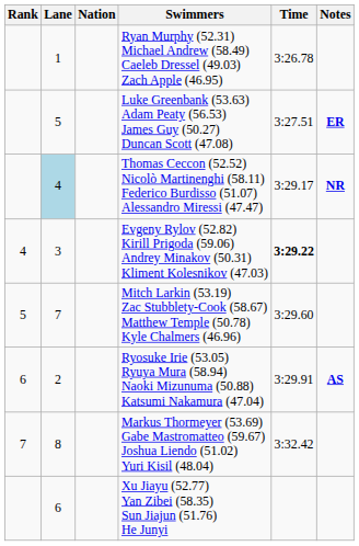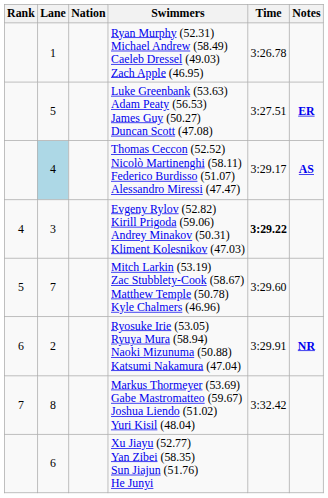 <table class="wikitable sortable" style="text-align:center">
 <tr>
 <th>Rank</th>
 <th>Lane</th>
 <th>Nation</th>
 <th>Swimmers</th>
 <th>Time</th>
 <th>Notes</th>
 </tr>
 <tr>
 <td></td>
 <td>1</td>
 <td align=left></td>
 <td align=left><a href='#'>Ryan Murphy</a> (52.31)<br><a href='#'>Michael Andrew</a> (58.49)<br><a href='#'>Caeleb Dressel</a> (49.03)<br><a href='#'>Zach Apple</a> (46.95)</td>
 <td>3:26.78</td>
 <td></td>
 </tr>
 <tr>
 <td></td>
 <td>5</td>
 <td align=left></td>
 <td align=left><a href='#'>Luke Greenbank</a> (53.63)<br><a href='#'>Adam Peaty</a> (56.53)<br><a href='#'>James Guy</a> (50.27)<br><a href='#'>Duncan Scott</a> (47.08)</td>
 <td>3:27.51</td>
 <td><strong><a href='#'>ER</a></strong></td>
 </tr>
 <tr>
 <td></td>
 <td style="background: lightblue;">4</td>
 <td align=left></td>
 <td align=left><a href='#'>Thomas Ceccon</a> (52.52)<br><a href='#'>Nicolò Martinenghi</a> (58.11)<br><a href='#'>Federico Burdisso</a> (51.07)<br><a href='#'>Alessandro Miressi</a> (47.47)</td>
 <td>3:29.17</td>
-<td><strong><a href='#'>NR</a></strong></td>
+<td><strong><a href='#'>AS</a></strong></td>
 </tr>
 <tr>
 <td>4</td>
 <td>3</td>
 <td align=left></td>
 <td align=left><a href='#'>Evgeny Rylov</a> (52.82)<br><a href='#'>Kirill Prigoda</a> (59.06)<br><a href='#'>Andrey Minakov</a> (50.31)<br><a href='#'>Kliment Kolesnikov</a> (47.03)</td>
 <td><strong>3:29.22</strong></td>
 <td></td>
 </tr>
 <tr>
 <td>5</td>
 <td>7</td>
 <td align=left></td>
 <td align=left><a href='#'>Mitch Larkin</a> (53.19)<br><a href='#'>Zac Stubblety-Cook</a> (58.67)<br><a href='#'>Matthew Temple</a> (50.78)<br><a href='#'>Kyle Chalmers</a> (46.96)</td>
 <td>3:29.60</td>
 <td></td>
 </tr>
 <tr>
 <td>6</td>
 <td>2</td>
 <td align=left></td>
 <td align=left><a href='#'>Ryosuke Irie</a> (53.05)<br><a href='#'>Ryuya Mura</a> (58.94)<br><a href='#'>Naoki Mizunuma</a> (50.88)<br><a href='#'>Katsumi Nakamura</a> (47.04)</td>
 <td>3:29.91</td>
-<td><strong><a href='#'>AS</a></strong></td>
+<td><strong><a href='#'>NR</a></strong></td>
 </tr>
 <tr>
 <td>7</td>
 <td>8</td>
 <td align=left></td>
 <td align=left><a href='#'>Markus Thormeyer</a> (53.69)<br><a href='#'>Gabe Mastromatteo</a> (59.67)<br><a href='#'>Joshua Liendo</a> (51.02) <br><a href='#'>Yuri Kisil</a> (48.04)</td>
 <td>3:32.42</td>
 <td></td>
 </tr>
 <tr>
 <td></td>
 <td>6</td>
 <td align=left></td>
 <td align=left><a href='#'>Xu Jiayu</a> (52.77)<br><a href='#'>Yan Zibei</a> (58.35)<br><a href='#'>Sun Jiajun</a> (51.76)<br><a href='#'>He Junyi</a></td>
 <td></td>
 <td></td>
 </tr>
 </table>
